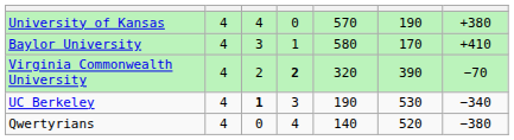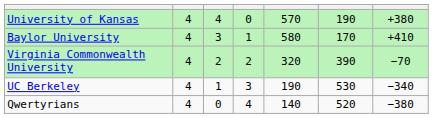 <table class="wikitable" style="text-align: center; font-size: 85%;">
 <tr>
 <th width=165></th>
 <th width=25></th>
 <th width=25></th>
 <th width=25></th>
 <th width=50></th>
 <th width=50></th>
 <th width=50></th>
 </tr>
 <tr style="background:#BBF3BB;">
 <td style="text-align:left;"><a href='#'>University of Kansas</a></td>
 <td>4</td>
 <td>4</td>
 <td>0</td>
 <td>570</td>
 <td>190</td>
 <td>+380</td>
 </tr>
 <tr style="background:#BBF3BB;">
 <td style="text-align:left;"><a href='#'>Baylor University</a></td>
 <td>4</td>
 <td>3</td>
 <td>1</td>
 <td>580</td>
 <td>170</td>
 <td>+410</td>
 </tr>
 <tr style="background:#BBF3BB;">
 <td style="text-align:left;"><a href='#'>Virginia Commonwealth University</a></td>
 <td>4</td>
 <td>2</td>
-<td><strong>2</strong></td>
+<td>2</td>
 <td>320</td>
 <td>390</td>
 <td>−70</td>
 </tr>
 <tr>
 <td style="text-align:left;"><a href='#'>UC Berkeley</a></td>
 <td>4</td>
-<td><strong>1</strong></td>
+<td>1</td>
 <td>3</td>
 <td>190</td>
 <td>530</td>
 <td>−340</td>
 </tr>
 <tr>
 <td style="text-align:left;">Qwertyrians</td>
 <td>4</td>
 <td>0</td>
 <td>4</td>
 <td>140</td>
 <td>520</td>
 <td>−380</td>
 </tr>
 </table>
